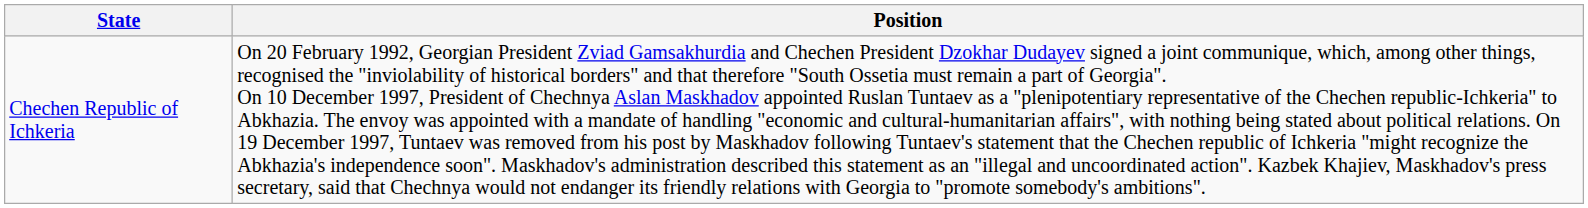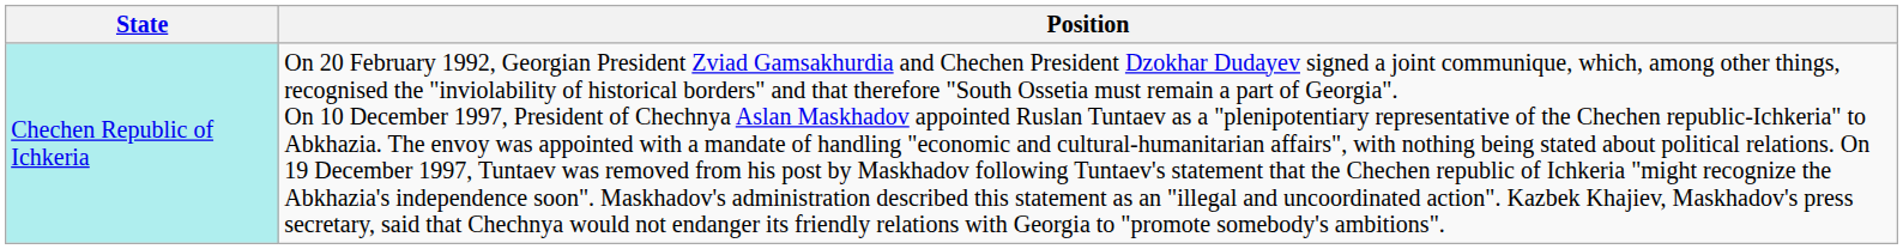 <table class="wikitable" style="margin:auto; width:100%;">
 <tr>
 <th style="width:175px;"><a href='#'>State</a></th>
 <th>Position</th>
 </tr>
 <tr>
-<td> <a href='#'>Chechen Republic of Ichkeria</a></td>
+<td style="background: paleturquoise;"> <a href='#'>Chechen Republic of Ichkeria</a></td>
 <td>On 20 February 1992, Georgian President <a href='#'>Zviad Gamsakhurdia</a> and Chechen President <a href='#'>Dzokhar Dudayev</a> signed a joint communique, which, among other things, recognised the "inviolability of historical borders" and that therefore "South Ossetia must remain a part of Georgia".<br>On 10 December 1997, President of Chechnya <a href='#'>Aslan Maskhadov</a> appointed Ruslan Tuntaev as a "plenipotentiary representative of the Chechen republic-Ichkeria" to Abkhazia. The envoy was appointed with a mandate of handling "economic and cultural-humanitarian affairs", with nothing being stated about political relations. On 19 December 1997, Tuntaev was removed from his post by Maskhadov following Tuntaev's statement that the Chechen republic of Ichkeria "might recognize the Abkhazia's independence soon". Maskhadov's administration described this statement as an "illegal and uncoordinated action". Kazbek Khajiev, Maskhadov's press secretary, said that Chechnya would not endanger its friendly relations with Georgia to "promote somebody's ambitions".</td>
 </tr>
 </table>
